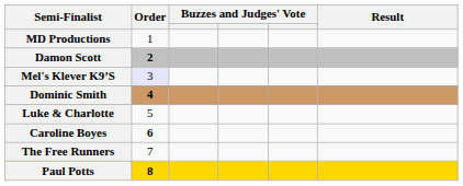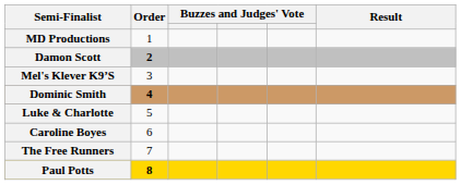 <table class="wikitable plainrowheaders sortable" style="text-align:center;">
 <tr>
 <th scope="col" rowspan="2" class="unsortable" style="width:17em;">Semi-Finalist</th>
 <th scope="col" rowspan="2" style="width:1em;">Order</th>
 <th colspan="3" scope="col" class="unsortable" style="width:24em;">Buzzes and Judges' Vote</th>
 <th scope="col" rowspan="2" style="width:23em;">Result</th>
 </tr>
 <tr>
 <th scope="col" class="unsortable" style="width:6em;"></th>
 <th scope="col" class="unsortable" style="width:6em;"></th>
 <th scope="col" class="unsortable" style="width:6em;"></th>
 </tr>
 <tr>
 <th scope="row">MD Productions</th>
 <td>1</td>
 <td style="text-align:center;"></td>
 <td style="text-align:center;"></td>
 <td style="text-align:center;"></td>
 <td></td>
 </tr>
 <tr bgcolor=silver>
 <th scope="row"><strong>Damon Scott</strong></th>
 <td><strong>2</strong></td>
 <td style="text-align:center;"></td>
 <td style="text-align:center;"></td>
 <td style="text-align:center;"></td>
 <td><strong></strong></td>
 </tr>
 <tr>
 <th scope="row">Mel's Klever K9’S</th>
-<td style="background: lavender;">3</td>
+<td>3</td>
 <td style="text-align:center;"></td>
 <td style="text-align:center;"></td>
 <td style="text-align:center;"></td>
 <td></td>
 </tr>
 <tr bgcolor=#c96>
 <th scope="row"><strong>Dominic Smith</strong></th>
 <td><strong>4</strong></td>
 <td style="text-align:center;"></td>
 <td style="text-align:center;"></td>
 <td style="text-align:center;"></td>
 <td><strong></strong></td>
 </tr>
 <tr>
 <th scope="row">Luke & Charlotte</th>
 <td>5</td>
 <td style="text-align:center;"></td>
 <td style="text-align:center;"></td>
 <td style="text-align:center;"></td>
 <td></td>
 </tr>
 <tr>
 <th scope="row">Caroline Boyes</th>
-<td><strong>6</strong></td>
+<td>6</td>
 <td style="text-align:center;"></td>
 <td style="text-align:center;"></td>
 <td style="text-align:center;"></td>
 <td></td>
 </tr>
 <tr>
 <th scope="row">The Free Runners</th>
 <td>7</td>
 <td style="text-align:center;"></td>
 <td style="text-align:center;"></td>
 <td style="text-align:center;"></td>
 <td></td>
 </tr>
 <tr bgcolor=gold>
 <th scope="row"><strong>Paul Potts</strong></th>
 <td><strong>8</strong></td>
 <td style="text-align:center;"></td>
 <td style="text-align:center;"></td>
 <td style="text-align:center;"></td>
 <td><strong></strong></td>
 </tr>
 </table>
